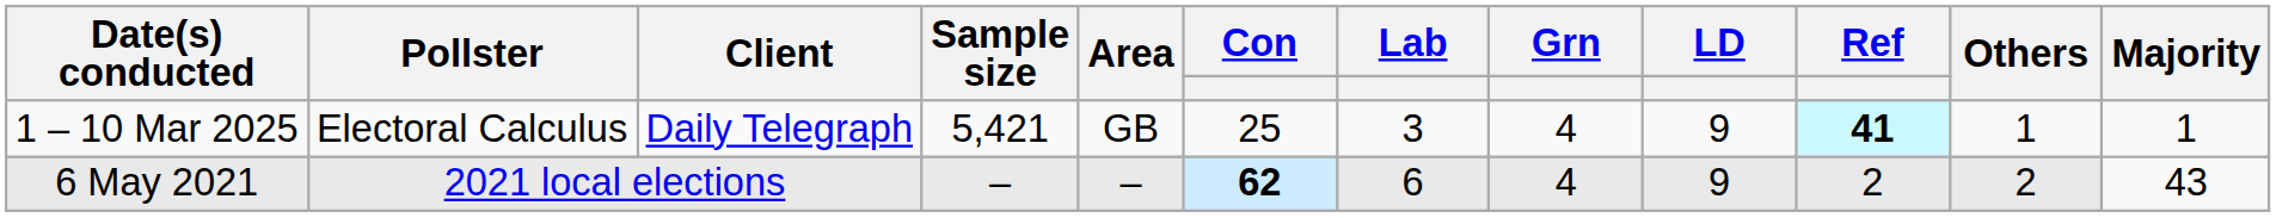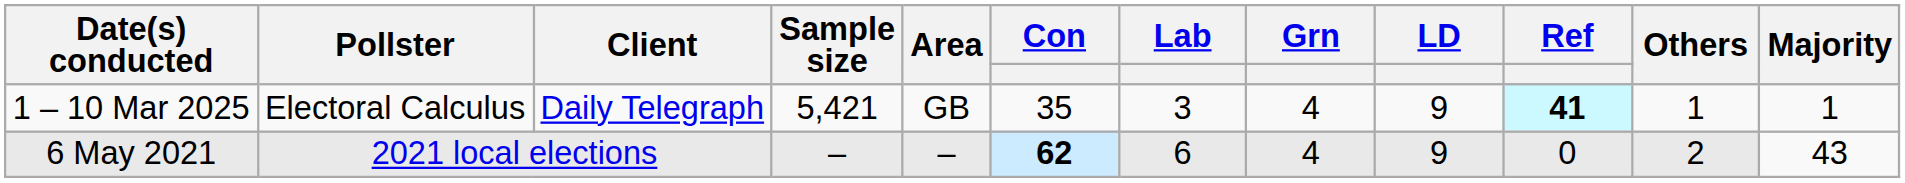 <table class="wikitable sortable mw-datatable" style="text-align:center; font-size:90%; line-height:14px;">
 <tr>
 <th rowspan="2">Date(s)<br>conducted</th>
 <th rowspan="2">Pollster</th>
 <th rowspan="2">Client</th>
 <th rowspan="2" data-sort-type="number">Sample<br>size</th>
 <th rowspan="2">Area</th>
 <th class="unsortable" style="width:50px;"><a href='#'>Con</a></th>
 <th class="unsortable" style="width:50px;"><a href='#'>Lab</a></th>
 <th class="unsortable" style="width:50px;"><a href='#'>Grn</a></th>
 <th class="unsortable" style="width:50px;"><a href='#'>LD</a></th>
 <th class="unsortable" style="width:50px;"><a href='#'>Ref</a></th>
 <th rowspan="2" class="unsortable" style="width:50px;">Others</th>
 <th rowspan="2" data-sort-type="number">Majority</th>
 </tr>
 <tr>
 <th data-sort-type="number" style="background:"></th>
 <th data-sort-type="number" style="background:"></th>
 <th data-sort-type="number" style="background:"></th>
 <th data-sort-type="number" style="background:"></th>
 <th data-sort-type="number" style="background:"></th>
 </tr>
 <tr>
 <td data-sort-value="2025-03-10">1 – 10 Mar 2025</td>
 <td>Electoral Calculus</td>
 <td><a href='#'>Daily Telegraph</a></td>
 <td>5,421</td>
 <td>GB</td>
-<td>25</td>
+<td>35</td>
 <td>3</td>
 <td>4</td>
 <td>9</td>
 <td style="background:#ccf8ff;"><strong>41</strong></td>
 <td>1</td>
 <td style="background:">1</td>
 </tr>
 <tr>
 <td style="background:#e9e9e9;">6 May 2021</td>
 <td colspan="2" style="background:#e9e9e9;"><a href='#'>2021 local elections</a></td>
 <td style="background:#e9e9e9;">–</td>
 <td style="background:#e9e9e9;">–</td>
 <td style="background:#CCEBFF;"><strong>62</strong></td>
 <td style="background:#e9e9e9;">6</td>
 <td style="background:#e9e9e9;">4</td>
 <td style="background:#e9e9e9;">9</td>
-<td style="background:#e9e9e9;">2</td>
+<td style="background:#e9e9e9;">0</td>
 <td style="background:#e9e9e9;">2</td>
 <td style="background:">43</td>
 </tr>
 </table>
